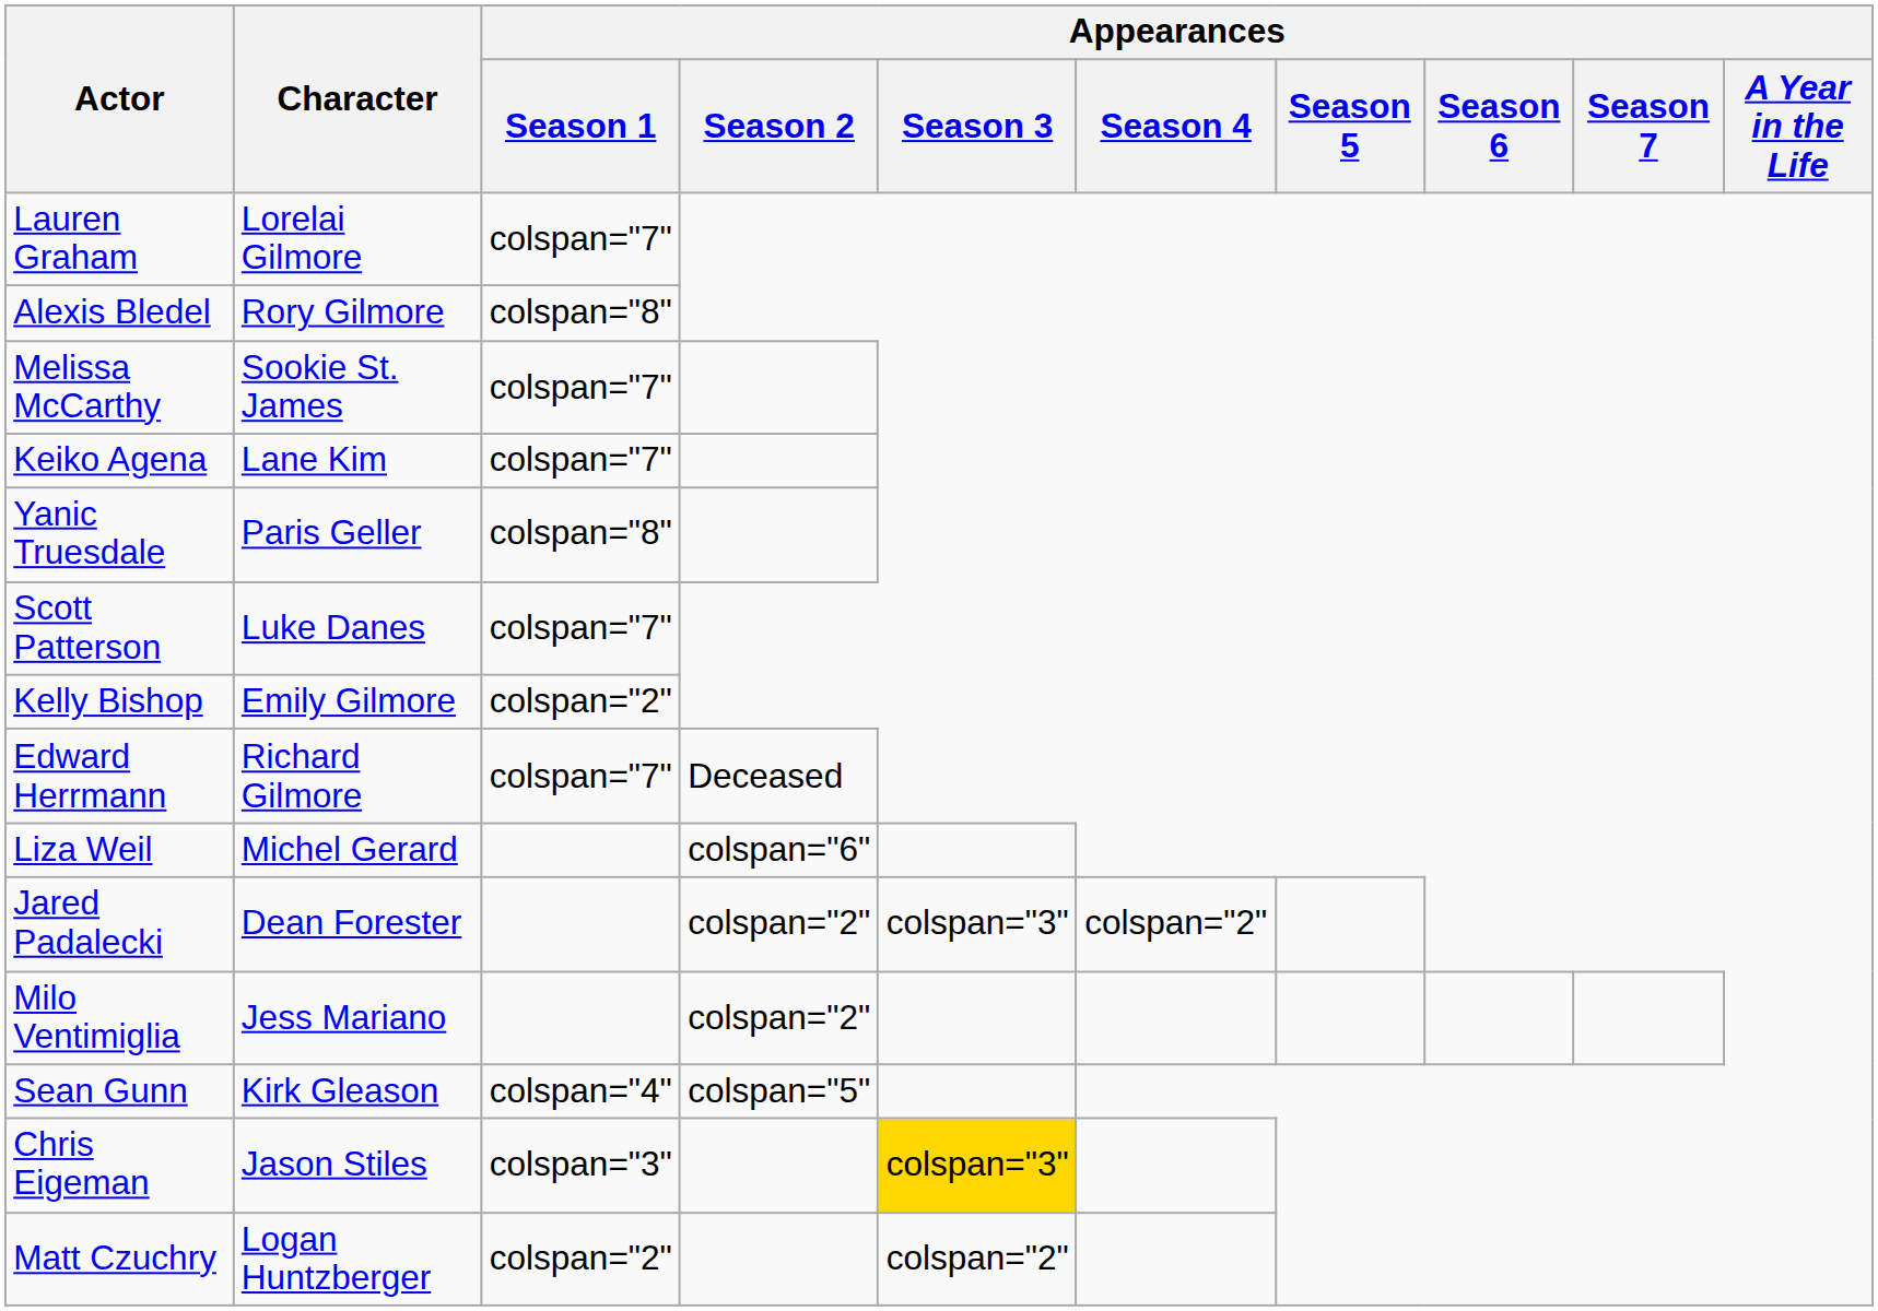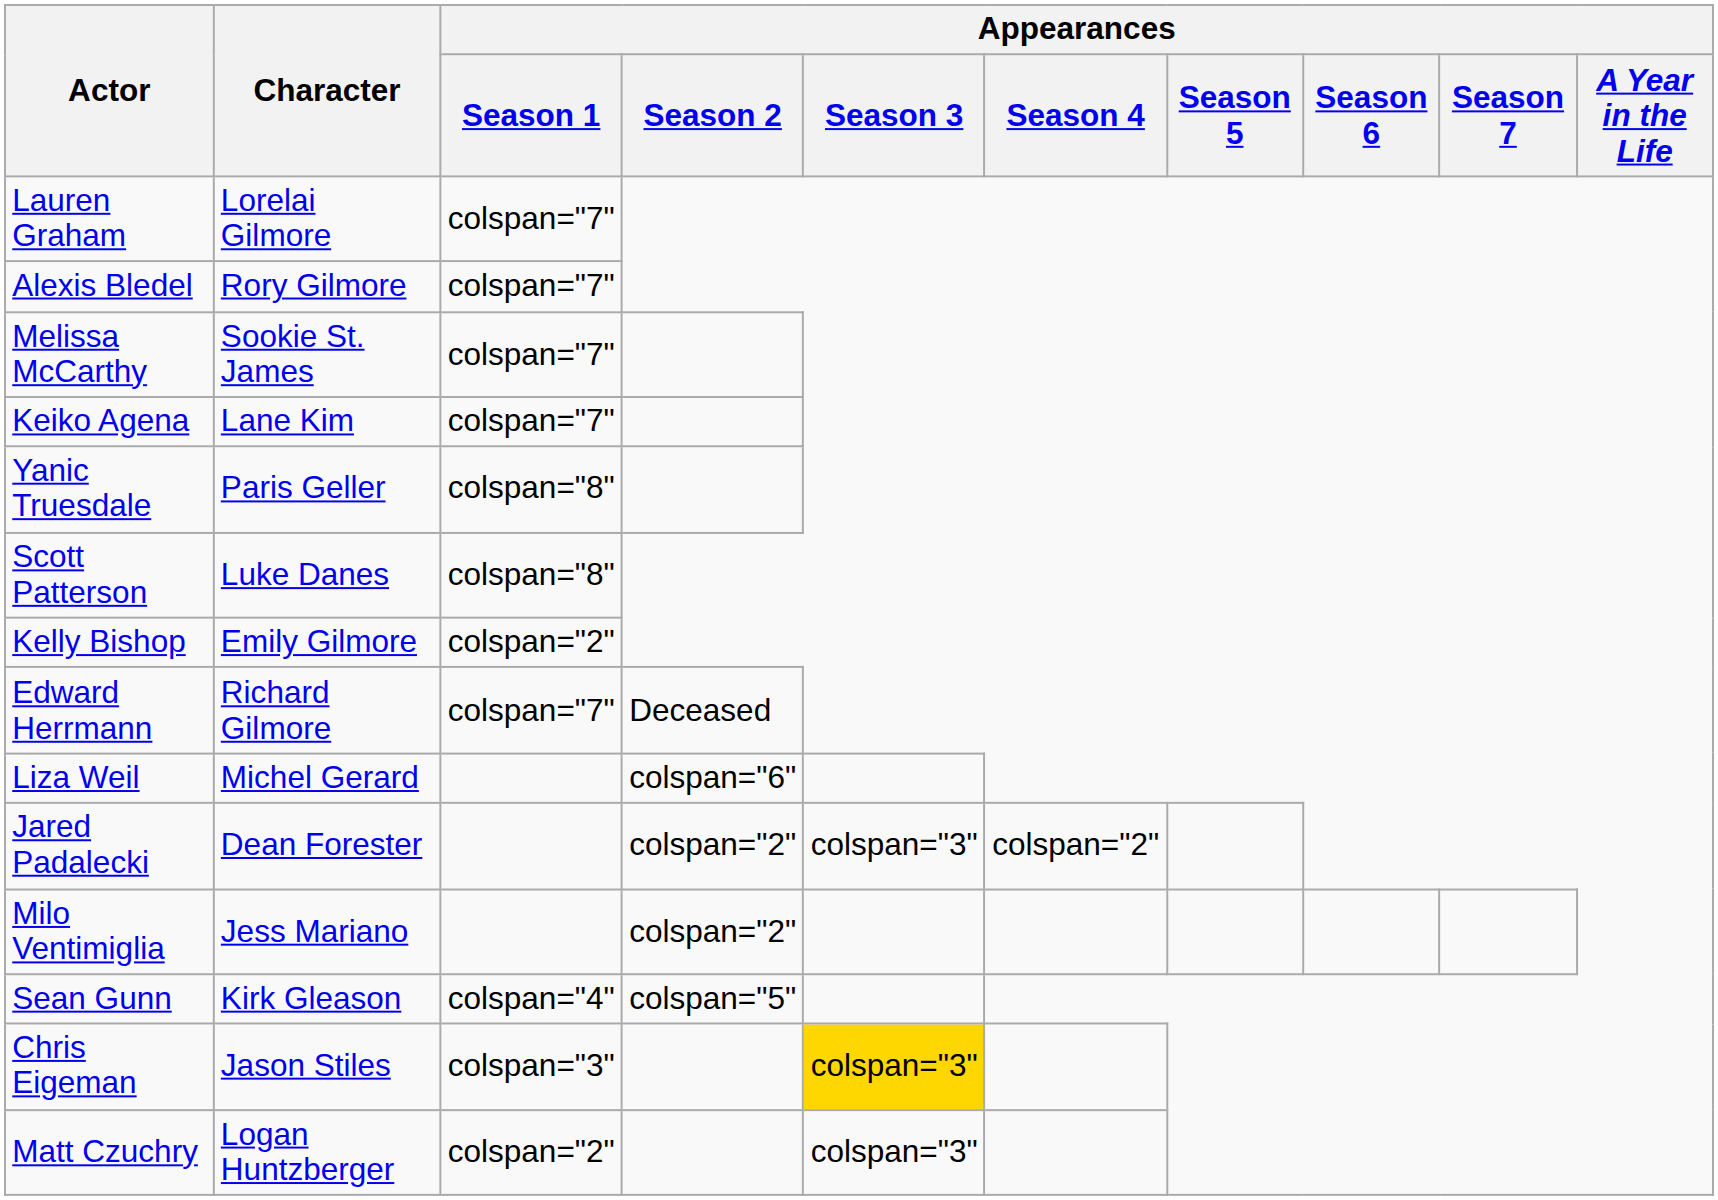 <table class="wikitable">
 <tr>
 <th scope="col" rowspan="2">Actor</th>
 <th scope="col" rowspan="2">Character</th>
 <th scope="col" colspan="8">Appearances</th>
 </tr>
 <tr>
 <th scope="col" style="width:8%;"><a href='#'>Season 1</a></th>
 <th scope="col" style="width:8%;"><a href='#'>Season 2</a></th>
 <th scope="col" style="width:8%;"><a href='#'>Season 3</a></th>
 <th scope="col" style="width:8%;"><a href='#'>Season 4</a></th>
 <th scope="col" style="width:8%;"><a href='#'>Season 5</a></th>
 <th scope="col" style="width:8%;"><a href='#'>Season 6</a></th>
 <th scope="col" style="width:8%;"><a href='#'>Season 7</a></th>
 <th scope="col" style="width:8%;"><em><a href='#'>A Year in the Life</a></em></th>
 </tr>
 <tr>
 <td><a href='#'>Lauren Graham</a></td>
 <td><a href='#'>Lorelai Gilmore</a></td>
 <td>colspan="7" </td>
 </tr>
 <tr>
 <td><a href='#'>Alexis Bledel</a></td>
 <td><a href='#'>Rory Gilmore</a></td>
-<td>colspan="8" </td>
+<td>colspan="7" </td>
 </tr>
 <tr>
 <td><a href='#'>Melissa McCarthy</a></td>
 <td><a href='#'>Sookie St. James</a></td>
 <td>colspan="7" </td>
 <td></td>
 </tr>
 <tr>
 <td><a href='#'>Keiko Agena</a></td>
 <td><a href='#'>Lane Kim</a></td>
 <td>colspan="7" </td>
 <td></td>
 </tr>
 <tr>
 <td><a href='#'>Yanic Truesdale</a></td>
 <td><a href='#'>Paris Geller</a></td>
 <td>colspan="8" </td>
 <td></td>
 </tr>
 <tr>
 <td><a href='#'>Scott Patterson</a></td>
 <td><a href='#'>Luke Danes</a></td>
-<td>colspan="7" </td>
+<td>colspan="8" </td>
 </tr>
 <tr>
 <td><a href='#'>Kelly Bishop</a></td>
 <td><a href='#'>Emily Gilmore</a></td>
 <td>colspan="2" </td>
 </tr>
 <tr>
 <td><a href='#'>Edward Herrmann</a></td>
 <td><a href='#'>Richard Gilmore</a></td>
 <td>colspan="7" </td>
 <td>Deceased</td>
 </tr>
 <tr>
 <td><a href='#'>Liza Weil</a></td>
 <td><a href='#'>Michel Gerard</a></td>
 <td></td>
 <td>colspan="6" </td>
 <td></td>
 </tr>
 <tr>
 <td><a href='#'>Jared Padalecki</a></td>
 <td><a href='#'>Dean Forester</a></td>
 <td></td>
 <td>colspan="2" </td>
 <td>colspan="3" </td>
 <td>colspan="2" </td>
 <td></td>
 </tr>
 <tr>
 <td><a href='#'>Milo Ventimiglia</a></td>
 <td><a href='#'>Jess Mariano</a></td>
 <td></td>
 <td>colspan="2" </td>
 <td></td>
 <td></td>
 <td></td>
 <td></td>
 <td></td>
 </tr>
 <tr>
 <td><a href='#'>Sean Gunn</a></td>
 <td><a href='#'>Kirk Gleason</a></td>
 <td>colspan="4" </td>
 <td>colspan="5" </td>
 <td></td>
 </tr>
 <tr>
 <td><a href='#'>Chris Eigeman</a></td>
 <td><a href='#'>Jason Stiles</a></td>
 <td>colspan="3" </td>
 <td></td>
 <td style="background: gold;">colspan="3" </td>
 <td></td>
 </tr>
 <tr>
 <td><a href='#'>Matt Czuchry</a></td>
 <td><a href='#'>Logan Huntzberger</a></td>
 <td>colspan="2" </td>
 <td></td>
-<td>colspan="2" </td>
+<td>colspan="3" </td>
 <td></td>
 </tr>
 </table>
